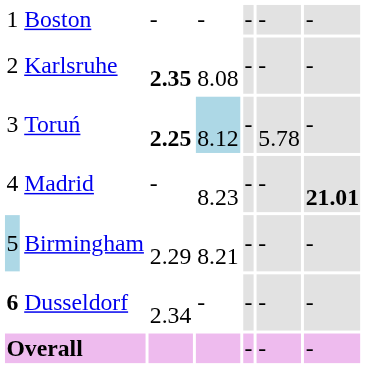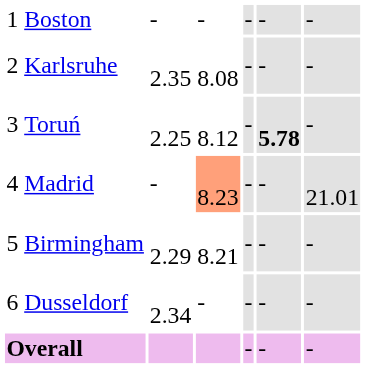 <table>
 <tr>
 <td>1</td>
 <td align=left><a href='#'>Boston</a></td>
 <td> -</td>
 <td> -</td>
 <td bgcolor=#e2e2e2> -</td>
 <td bgcolor=#e2e2e2> -</td>
 <td bgcolor=#e2e2e2> -</td>
 </tr>
 <tr>
 <td>2</td>
 <td align=left><a href='#'>Karlsruhe</a></td>
-<td><strong> <br>2.35</strong></td>
+<td> <br>2.35</td>
 <td> <br>8.08</td>
 <td bgcolor=#e2e2e2> -</td>
 <td bgcolor=#e2e2e2> -</td>
 <td bgcolor=#e2e2e2> -</td>
 </tr>
 <tr>
 <td>3</td>
 <td align=left><a href='#'>Toruń</a></td>
-<td><strong> <br>2.25</strong></td>
-<td style="background: lightblue;"> <br>8.12</td>
+<td> <br>2.25</td>
+<td> <br>8.12</td>
 <td bgcolor=#e2e2e2> -</td>
-<td bgcolor=#e2e2e2> <br>5.78</td>
+<td bgcolor=#e2e2e2><strong> <br>5.78</strong></td>
 <td bgcolor=#e2e2e2> -</td>
 </tr>
 <tr>
 <td>4</td>
 <td align=left><a href='#'>Madrid</a></td>
 <td> -</td>
-<td> <br>8.23</td>
+<td style="background: lightsalmon;"> <br>8.23</td>
 <td bgcolor=#e2e2e2> -</td>
 <td bgcolor=#e2e2e2> -</td>
-<td bgcolor=#e2e2e2><strong> <br>21.01</strong></td>
+<td bgcolor=#e2e2e2> <br>21.01</td>
 </tr>
 <tr>
-<td style="background: lightblue;">5</td>
+<td>5</td>
 <td align=left><a href='#'>Birmingham</a></td>
 <td> <br>2.29</td>
 <td> <br>8.21</td>
 <td bgcolor=#e2e2e2> -</td>
 <td bgcolor=#e2e2e2> -</td>
 <td bgcolor=#e2e2e2> -</td>
 </tr>
 <tr>
-<td><strong>6</strong></td>
+<td>6</td>
 <td align=left><a href='#'>Dusseldorf</a></td>
 <td> <br>2.34</td>
 <td> -</td>
 <td bgcolor=#e2e2e2> -</td>
 <td bgcolor=#e2e2e2> -</td>
 <td bgcolor=#e2e2e2> -</td>
 </tr>
 <tr bgcolor=#eebbee>
 <td colspan="2"><strong>Overall</strong></td>
 <td> </td>
 <td> </td>
 <td> -</td>
 <td> -</td>
 <td> -</td>
 </tr>
 </table>
